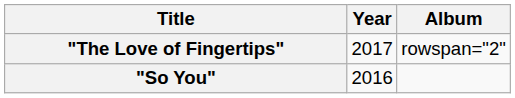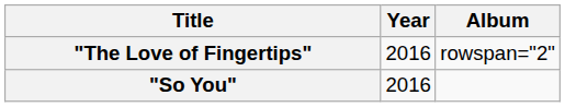 <table class="wikitable plainrowheaders" style="text-align:center;">
 <tr>
 <th scope="col" style="width:18em;">Title</th>
 <th scope="col">Year</th>
 <th scope="col">Album</th>
 </tr>
 <tr>
 <th scope="row">"The Love of Fingertips" <br></th>
-<td>2017</td>
+<td>2016</td>
 <td>rowspan="2" </td>
 </tr>
 <tr>
 <th scope="row">"So You" </th>
 <td>2016</td>
 </tr>
 </table>
